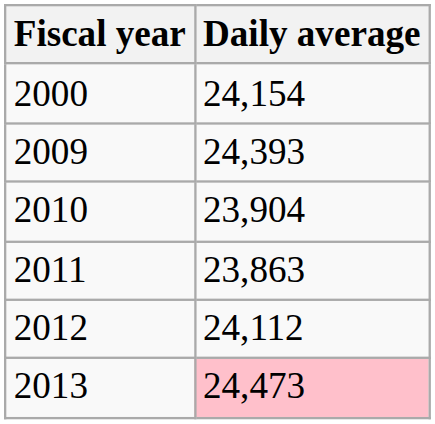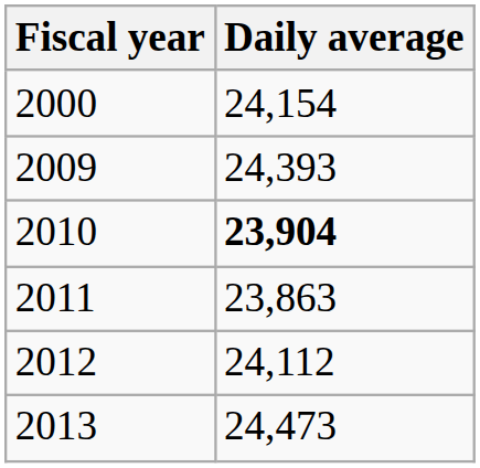 <table class="wikitable">
 <tr>
 <th>Fiscal year</th>
 <th>Daily average</th>
 </tr>
 <tr>
 <td>2000</td>
 <td>24,154</td>
 </tr>
 <tr>
 <td>2009</td>
 <td>24,393</td>
 </tr>
 <tr>
 <td>2010</td>
-<td>23,904</td>
+<td><strong>23,904</strong></td>
 </tr>
 <tr>
 <td>2011</td>
 <td>23,863</td>
 </tr>
 <tr>
 <td>2012</td>
 <td>24,112</td>
 </tr>
 <tr>
 <td>2013</td>
-<td style="background: pink;">24,473</td>
+<td>24,473</td>
 </tr>
 </table>
